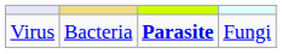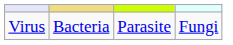 <table class="wikitable">
 <tr>
 <td style="background: lavender; text-align: center;"></td>
 <td style="background: #f0dc82; text-align: center;"></td>
 <td style="background: #CEFF00; text-align: center;"></td>
 <td style="background: #e0ffff; text-align: center;"></td>
 </tr>
 <tr>
 <td><a href='#'>Virus</a></td>
 <td><a href='#'>Bacteria</a></td>
-<td><strong><a href='#'>Parasite</a></strong></td>
+<td><a href='#'>Parasite</a></td>
 <td><a href='#'>Fungi</a></td>
 </tr>
 </table>
